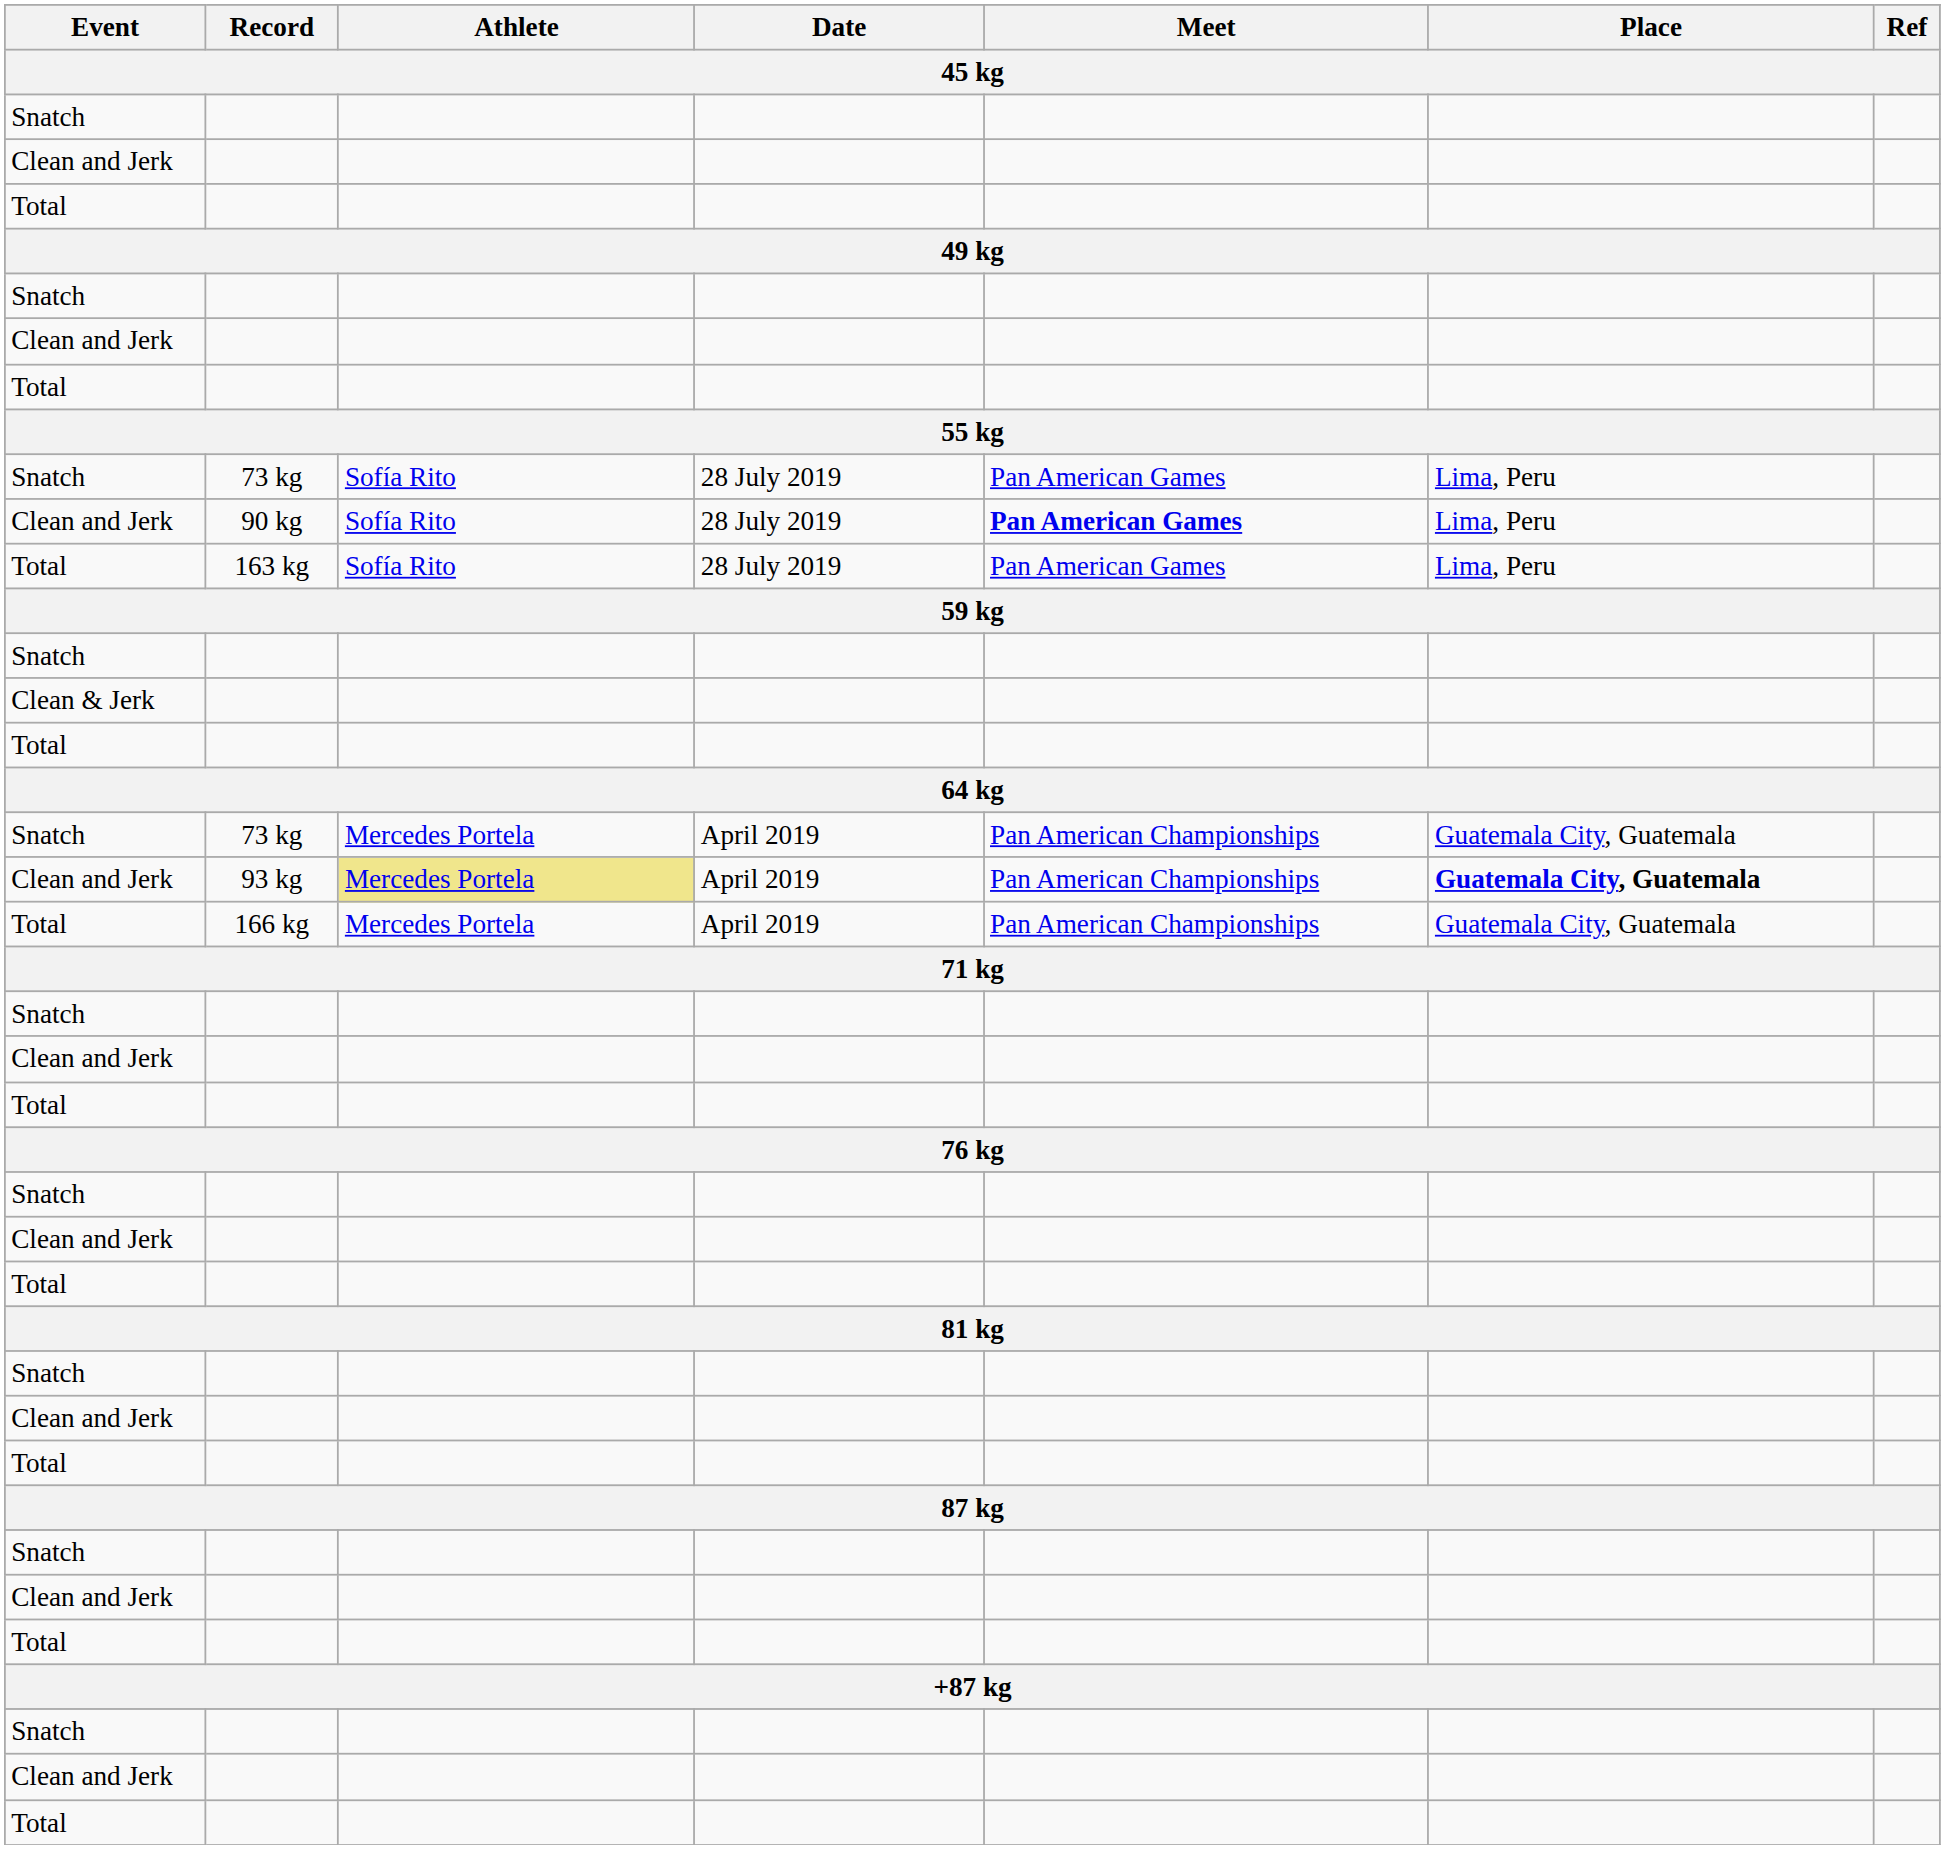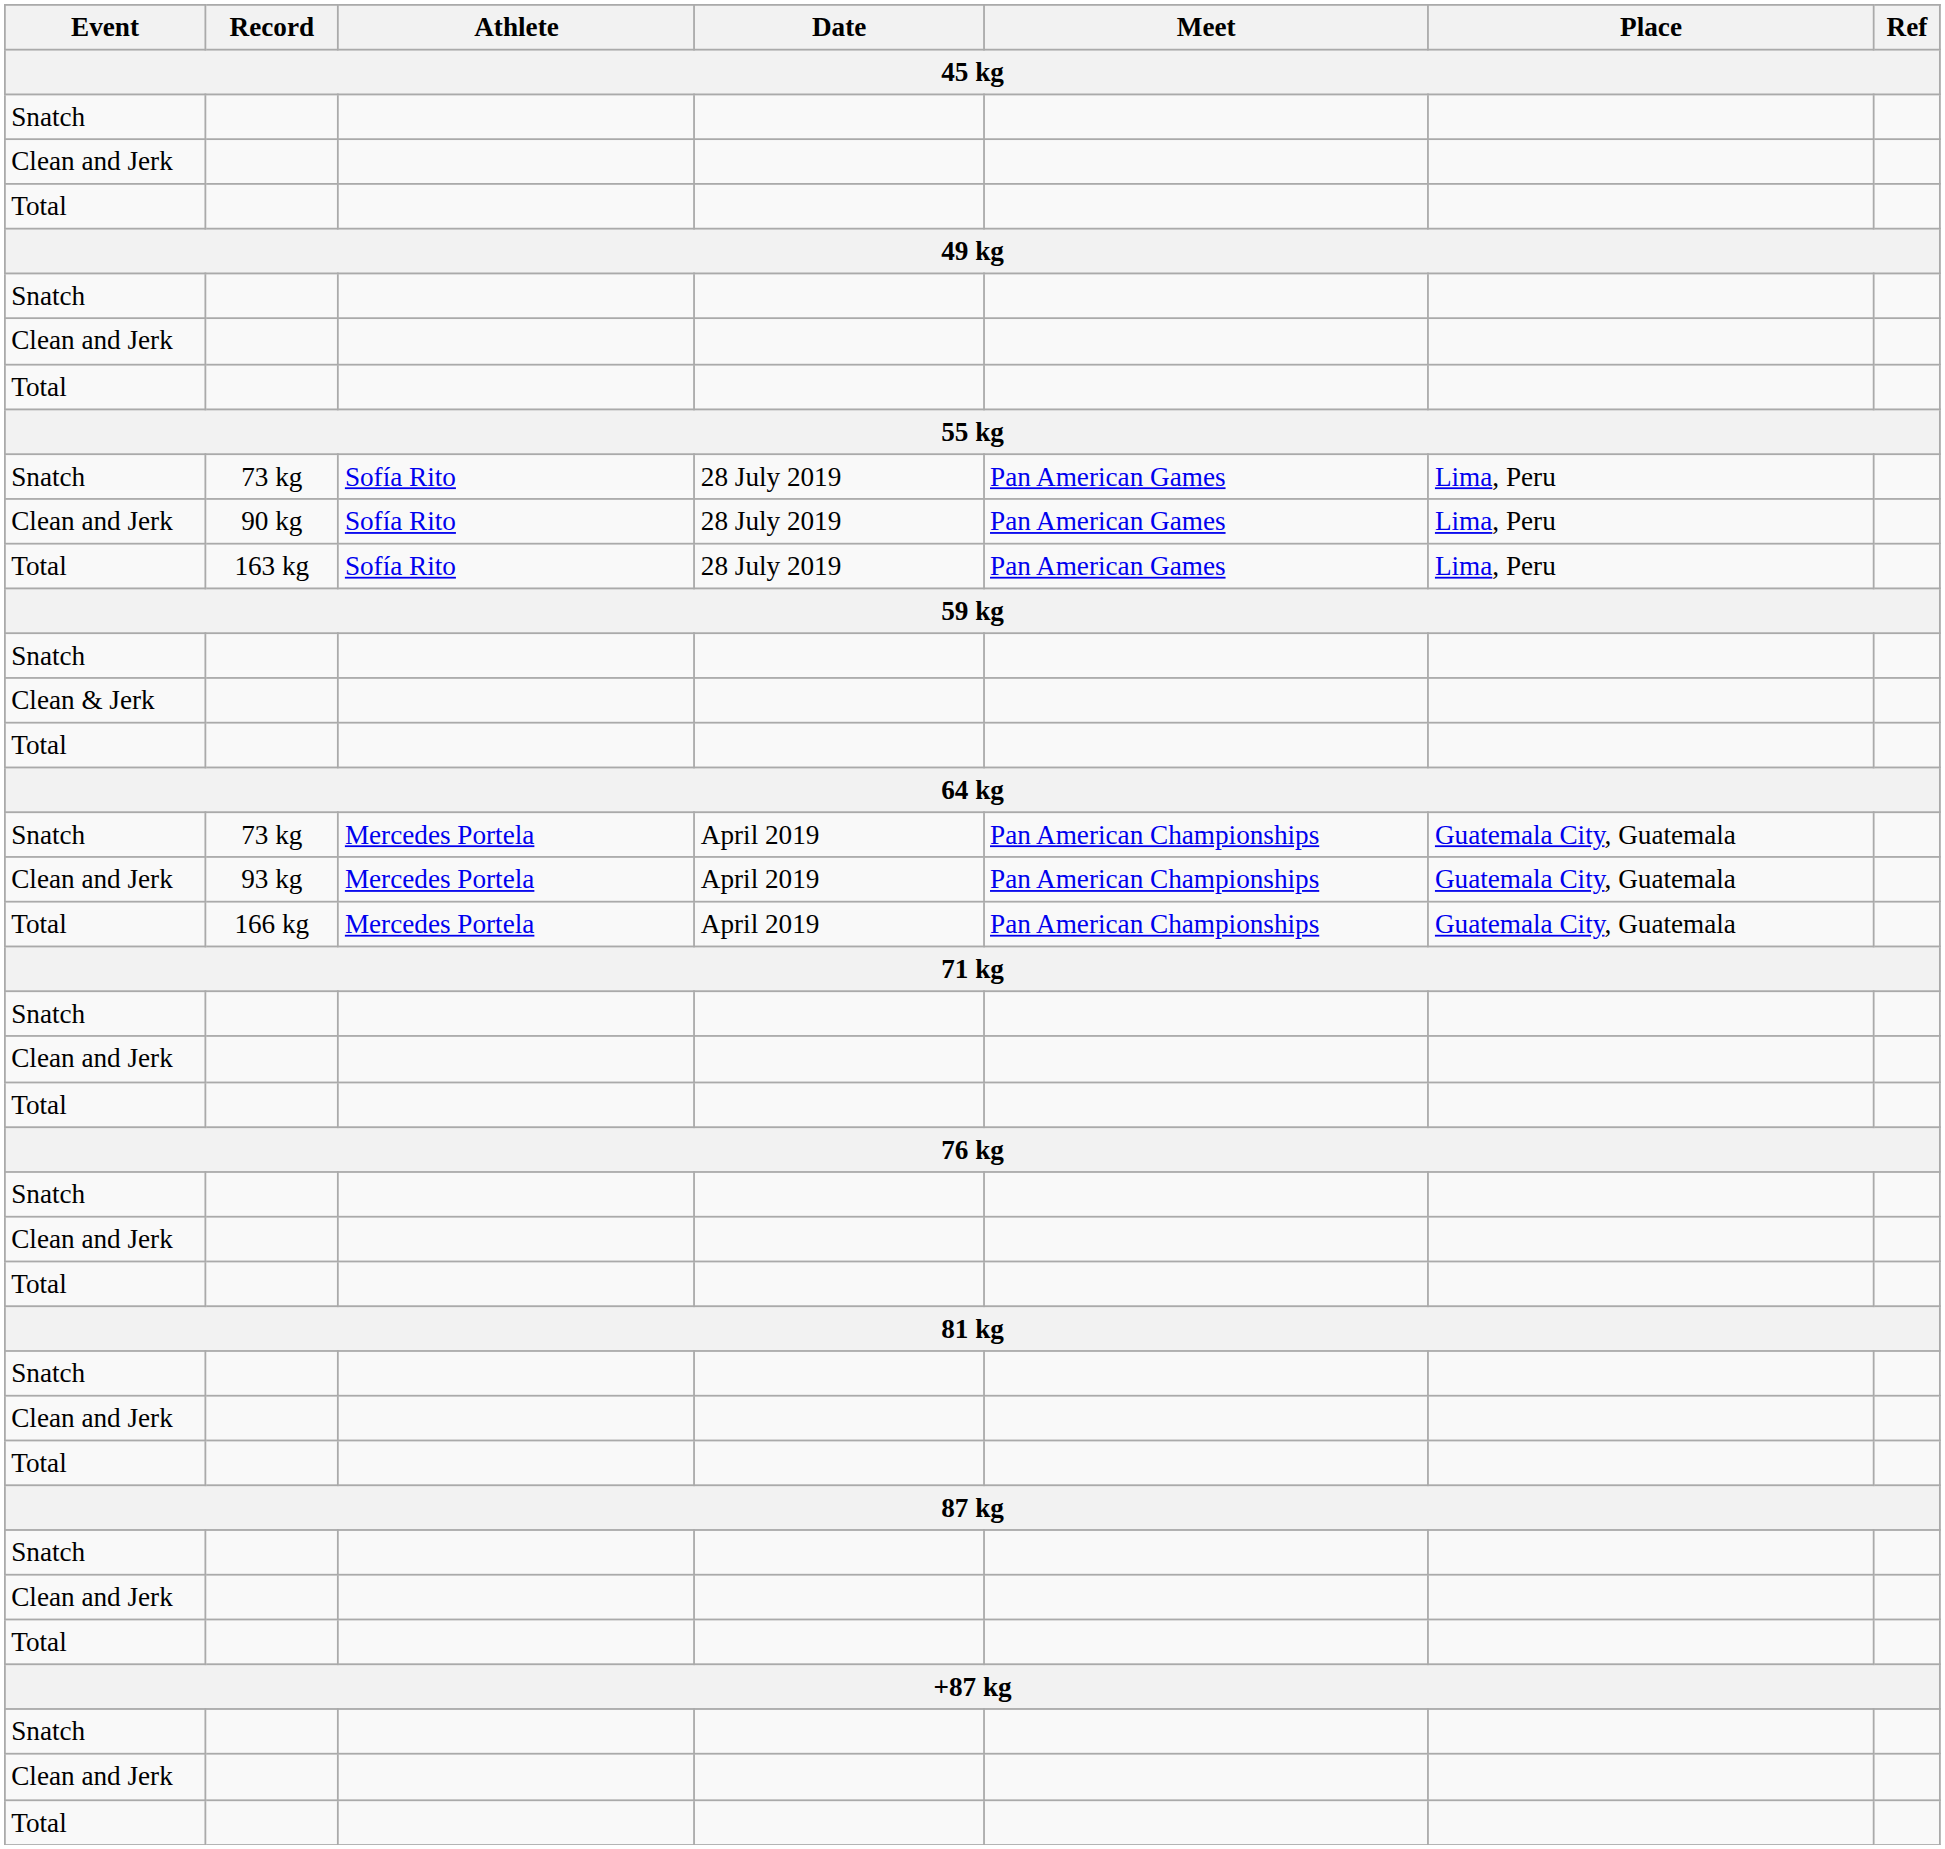 <table class="wikitable" style="font-size:95%;">
 <tr>
 <th width=9%>Event</th>
 <th width=6%>Record</th>
 <th width=16%>Athlete</th>
 <th width=13%>Date</th>
 <th width=20%>Meet</th>
 <th width=20%>Place</th>
 <th width=3%>Ref</th>
 </tr>
 <tr bgcolor="#DDDDDD">
 <th colspan="7">45 kg</th>
 </tr>
 <tr>
 <td>Snatch</td>
 <td align="center"></td>
 <td></td>
 <td></td>
 <td></td>
 <td></td>
 <td></td>
 </tr>
 <tr>
 <td>Clean and Jerk</td>
 <td align="center"></td>
 <td></td>
 <td></td>
 <td></td>
 <td></td>
 <td></td>
 </tr>
 <tr>
 <td>Total</td>
 <td align="center"></td>
 <td></td>
 <td></td>
 <td></td>
 <td></td>
 <td></td>
 </tr>
 <tr bgcolor="#DDDDDD">
 <th colspan="7">49 kg</th>
 </tr>
 <tr>
 <td>Snatch</td>
 <td align="center"></td>
 <td></td>
 <td></td>
 <td></td>
 <td></td>
 <td></td>
 </tr>
 <tr>
 <td>Clean and Jerk</td>
 <td align="center"></td>
 <td></td>
 <td></td>
 <td></td>
 <td></td>
 <td></td>
 </tr>
 <tr>
 <td>Total</td>
 <td align="center"></td>
 <td></td>
 <td></td>
 <td></td>
 <td></td>
 <td></td>
 </tr>
 <tr bgcolor="#DDDDDD">
 <th colspan="7">55 kg</th>
 </tr>
 <tr>
 <td>Snatch</td>
 <td align="center">73 kg</td>
 <td><a href='#'>Sofía Rito</a></td>
 <td>28 July 2019</td>
 <td><a href='#'>Pan American Games</a></td>
 <td><a href='#'>Lima</a>, Peru</td>
 <td></td>
 </tr>
 <tr>
 <td>Clean and Jerk</td>
 <td align="center">90 kg</td>
 <td><a href='#'>Sofía Rito</a></td>
 <td>28 July 2019</td>
-<td><strong><a href='#'>Pan American Games</a></strong></td>
+<td><a href='#'>Pan American Games</a></td>
 <td><a href='#'>Lima</a>, Peru</td>
 <td></td>
 </tr>
 <tr>
 <td>Total</td>
 <td align="center">163 kg</td>
 <td><a href='#'>Sofía Rito</a></td>
 <td>28 July 2019</td>
 <td><a href='#'>Pan American Games</a></td>
 <td><a href='#'>Lima</a>, Peru</td>
 <td></td>
 </tr>
 <tr bgcolor="#DDDDDD">
 <th colspan="7">59 kg</th>
 </tr>
 <tr>
 <td>Snatch</td>
 <td align="center"></td>
 <td></td>
 <td></td>
 <td></td>
 <td></td>
 <td></td>
 </tr>
 <tr>
 <td>Clean & Jerk</td>
 <td align="center"></td>
 <td></td>
 <td></td>
 <td></td>
 <td></td>
 <td></td>
 </tr>
 <tr>
 <td>Total</td>
 <td align="center"></td>
 <td></td>
 <td></td>
 <td></td>
 <td></td>
 <td></td>
 </tr>
 <tr bgcolor="#DDDDDD">
 <th colspan="7">64 kg</th>
 </tr>
 <tr>
 <td>Snatch</td>
 <td align="center">73 kg</td>
 <td><a href='#'>Mercedes Portela</a></td>
 <td>April 2019</td>
 <td><a href='#'>Pan American Championships</a></td>
 <td><a href='#'>Guatemala City</a>, Guatemala</td>
 <td></td>
 </tr>
 <tr>
 <td>Clean and Jerk</td>
 <td align="center">93 kg</td>
-<td style="background: khaki;"><a href='#'>Mercedes Portela</a></td>
+<td><a href='#'>Mercedes Portela</a></td>
 <td>April 2019</td>
 <td><a href='#'>Pan American Championships</a></td>
-<td><strong><a href='#'>Guatemala City</a>, Guatemala</strong></td>
+<td><a href='#'>Guatemala City</a>, Guatemala</td>
 <td></td>
 </tr>
 <tr>
 <td>Total</td>
 <td align="center">166 kg</td>
 <td><a href='#'>Mercedes Portela</a></td>
 <td>April 2019</td>
 <td><a href='#'>Pan American Championships</a></td>
 <td><a href='#'>Guatemala City</a>, Guatemala</td>
 <td></td>
 </tr>
 <tr bgcolor="#DDDDDD">
 <th colspan="7">71 kg</th>
 </tr>
 <tr>
 <td>Snatch</td>
 <td align="center"></td>
 <td></td>
 <td></td>
 <td></td>
 <td></td>
 <td></td>
 </tr>
 <tr>
 <td>Clean and Jerk</td>
 <td align="center"></td>
 <td></td>
 <td></td>
 <td></td>
 <td></td>
 <td></td>
 </tr>
 <tr>
 <td>Total</td>
 <td align="center"></td>
 <td></td>
 <td></td>
 <td></td>
 <td></td>
 <td></td>
 </tr>
 <tr bgcolor="#DDDDDD">
 <th colspan="7">76 kg</th>
 </tr>
 <tr>
 <td>Snatch</td>
 <td align="center"></td>
 <td></td>
 <td></td>
 <td></td>
 <td></td>
 <td></td>
 </tr>
 <tr>
 <td>Clean and Jerk</td>
 <td align="center"></td>
 <td></td>
 <td></td>
 <td></td>
 <td></td>
 <td></td>
 </tr>
 <tr>
 <td>Total</td>
 <td align="center"></td>
 <td></td>
 <td></td>
 <td></td>
 <td></td>
 <td></td>
 </tr>
 <tr bgcolor="#DDDDDD">
 <th colspan="7">81 kg</th>
 </tr>
 <tr>
 <td>Snatch</td>
 <td align="center"></td>
 <td></td>
 <td></td>
 <td></td>
 <td></td>
 <td></td>
 </tr>
 <tr>
 <td>Clean and Jerk</td>
 <td align="center"></td>
 <td></td>
 <td></td>
 <td></td>
 <td></td>
 <td></td>
 </tr>
 <tr>
 <td>Total</td>
 <td align="center"></td>
 <td></td>
 <td></td>
 <td></td>
 <td></td>
 <td></td>
 </tr>
 <tr bgcolor="#DDDDDD">
 <th colspan="7">87 kg</th>
 </tr>
 <tr>
 <td>Snatch</td>
 <td align="center"></td>
 <td></td>
 <td></td>
 <td></td>
 <td></td>
 <td></td>
 </tr>
 <tr>
 <td>Clean and Jerk</td>
 <td align="center"></td>
 <td></td>
 <td></td>
 <td></td>
 <td></td>
 <td></td>
 </tr>
 <tr>
 <td>Total</td>
 <td align="center"></td>
 <td></td>
 <td></td>
 <td></td>
 <td></td>
 <td></td>
 </tr>
 <tr bgcolor="#DDDDDD">
 <th colspan="7">+87 kg</th>
 </tr>
 <tr>
 <td>Snatch</td>
 <td align="center"></td>
 <td></td>
 <td></td>
 <td></td>
 <td></td>
 <td></td>
 </tr>
 <tr>
 <td>Clean and Jerk</td>
 <td align="center"></td>
 <td></td>
 <td></td>
 <td></td>
 <td></td>
 <td></td>
 </tr>
 <tr>
 <td>Total</td>
 <td align="center"></td>
 <td></td>
 <td></td>
 <td></td>
 <td></td>
 <td></td>
 </tr>
 </table>
